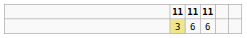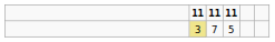 <table class="wikitable">
 <tr>
 <td style="width:18em"></td>
 <td align=center style="width:1em"><strong>11</strong></td>
 <td align=center style="width:1em"><strong>11</strong></td>
 <td align=center style="width:1em"><strong>11</strong></td>
 <td align=center style="width:1em"></td>
 <td align=center style="width:1em"></td>
 </tr>
 <tr>
 <td style="width:18em"></td>
 <td align=center style="background: khaki; width:1em">3</td>
-<td align=center style="width:1em">6</td>
-<td align=center style="width:1em">6</td>
+<td align=center style="width:1em">7</td>
+<td align=center style="width:1em">5</td>
 <td align=center style="width:1em"></td>
 <td align=center style="width:1em"></td>
 </tr>
 </table>
